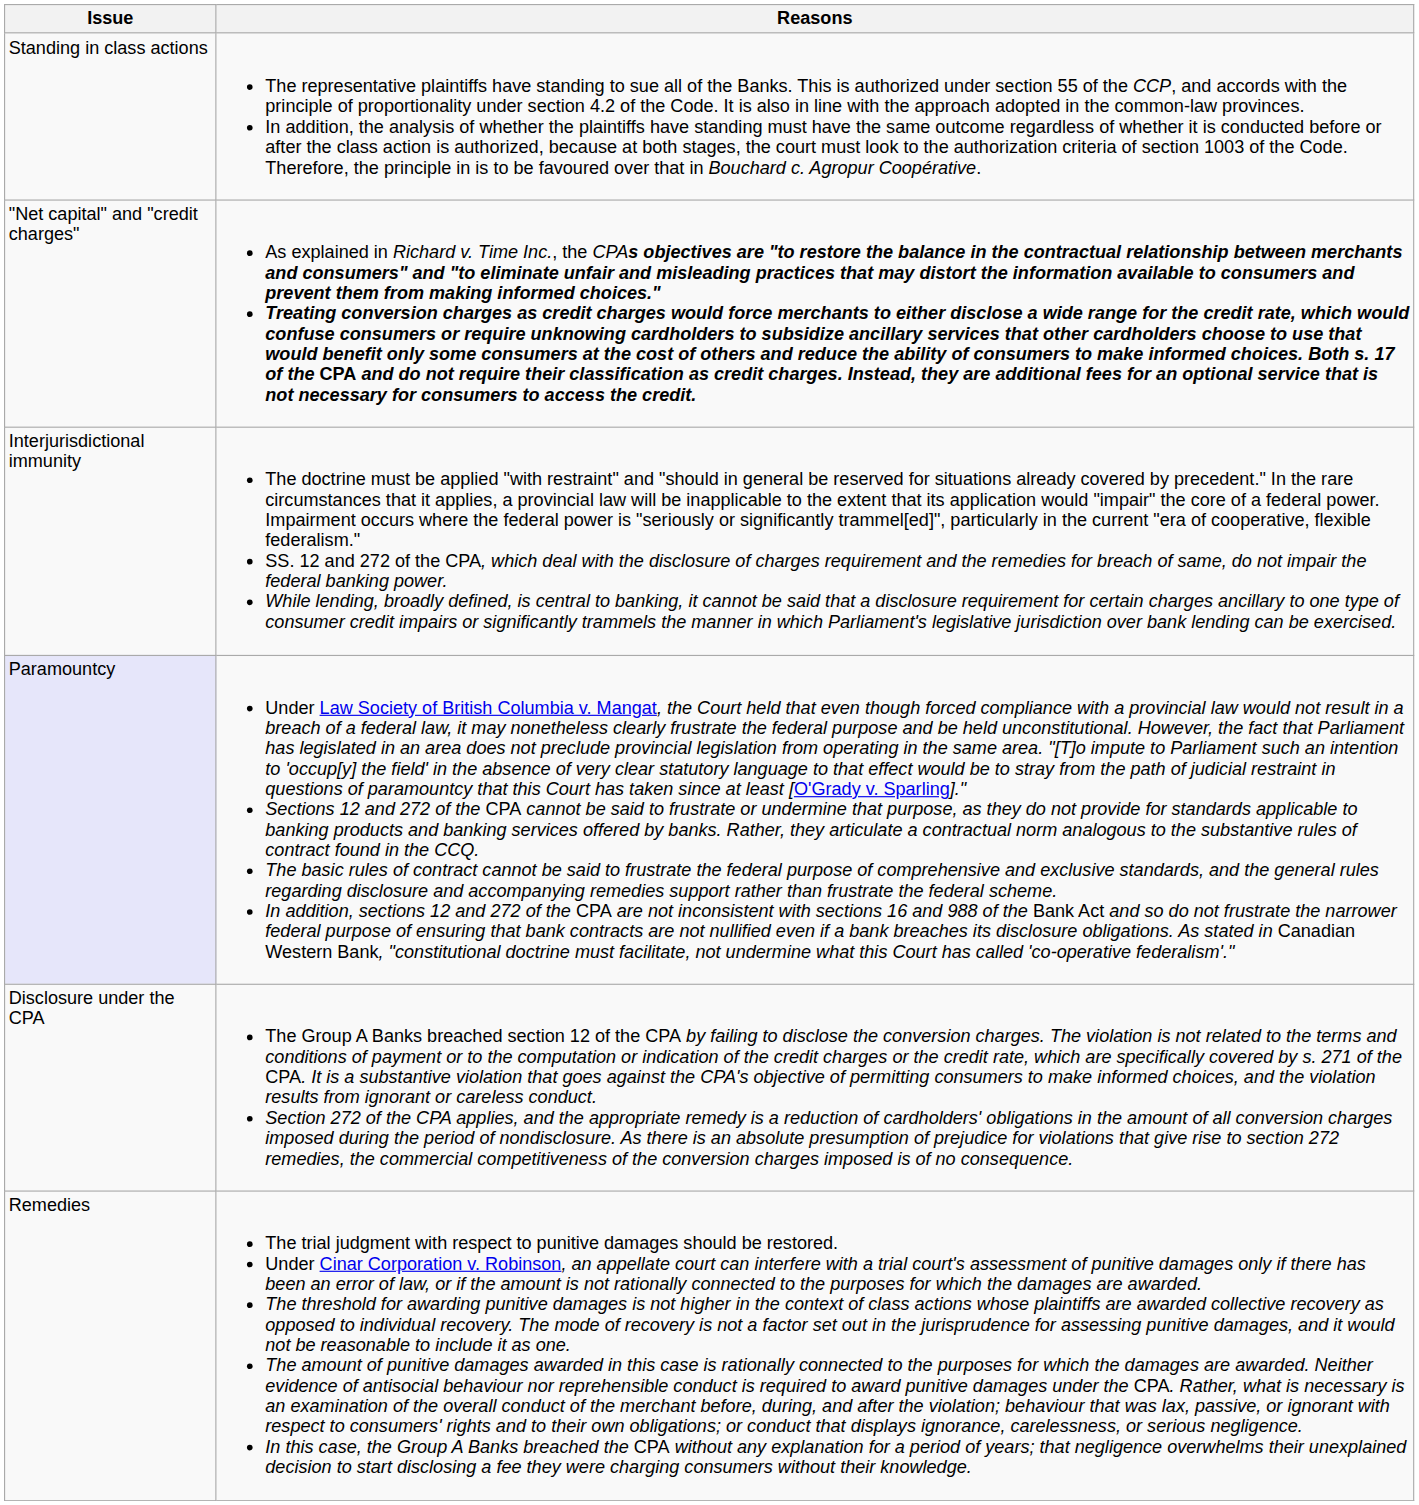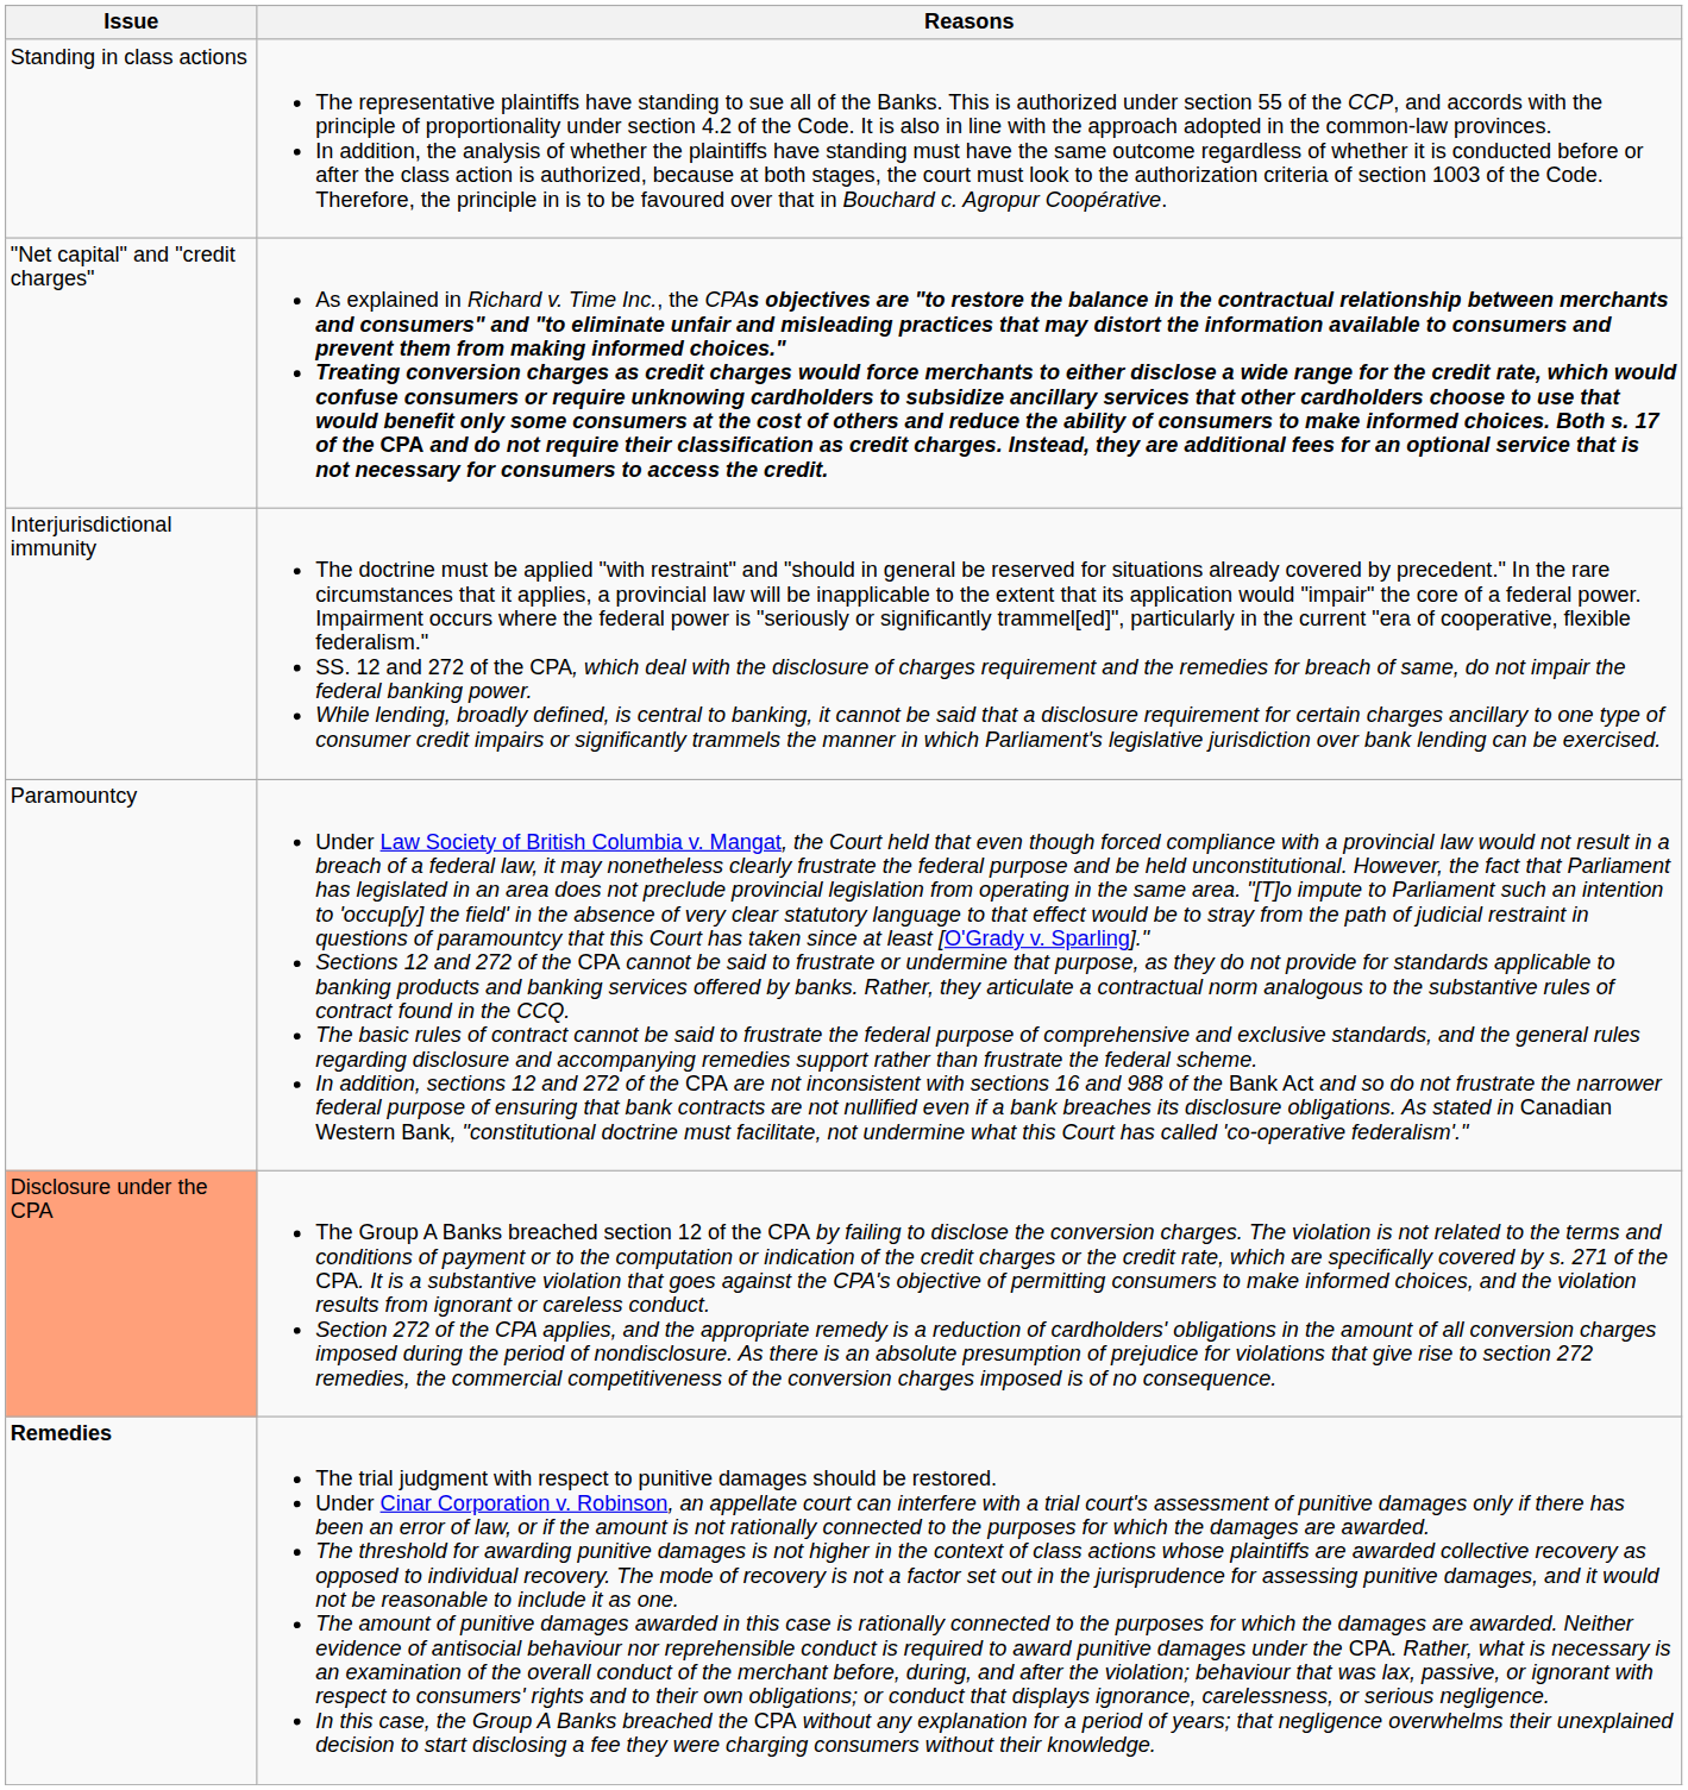 <table class="wikitable">
 <tr>
 <th width=15%>Issue</th>
 <th>Reasons</th>
 </tr>
 <tr valign = "top">
 <td>Standing in class actions</td>
 <td><br><ul><li>The representative plaintiffs have standing to sue all of the Banks. This is authorized under section 55 of the <em>CCP</em>, and accords with the principle of proportionality under section  4.2 of the Code. It is also in line with the approach adopted in the common-law provinces.</li><li>In addition, the analysis of whether the plaintiffs have standing must have the same outcome regardless of whether it is conducted before or after the class action is authorized, because at both stages, the court must look to the authorization criteria of section 1003 of the Code. Therefore, the principle in  is to be favoured over that in <em>Bouchard c. Agropur Coopérative</em>.</li></ul></td>
 </tr>
 <tr valign = "top">
 <td>"Net capital" and "credit charges"</td>
 <td><br><ul><li>As explained in <em>Richard v. Time Inc.</em>, the <em>CPA<strong>s objectives are "to restore the balance in the contractual relationship between merchants and consumers" and "to eliminate unfair and misleading practices that may distort the information available to consumers and prevent them from making informed choices."</li><li>Treating conversion charges as credit charges would force merchants to either disclose a wide range for the credit rate, which would confuse consumers or require unknowing cardholders to subsidize ancillary services that other cardholders choose to use that would benefit only some consumers at the cost of others and reduce the ability of consumers to make informed choices. Both s. 17 of the </em>CPA<em> and  do not require their classification as credit charges. Instead, they are additional fees for an optional service that is not necessary for consumers to access the credit.</li></ul></td>
 </tr>
 <tr valign = "top">
 <td>Interjurisdictional immunity</td>
 <td><br><ul><li>The doctrine must be applied "with restraint" and "should in general be reserved for situations already covered by precedent." In the rare circumstances that it applies, a provincial law will be inapplicable to the extent that its application would "impair" the core of a federal power. Impairment occurs where the federal power is "seriously or significantly trammel[ed]", particularly in the current "era of cooperative, flexible federalism."</li><li>SS. 12 and 272 of the </em>CPA<em>, which deal with the disclosure of charges requirement and the remedies for breach of same, do not impair the federal banking power.</li><li>While lending, broadly defined, is central to banking, it cannot be said that a disclosure requirement for certain charges ancillary to one type of consumer credit impairs or significantly trammels the manner in which Parliament's legislative jurisdiction over bank lending can be exercised.</li></ul></td>
 </tr>
 <tr valign = "top">
-<td style="background: lavender;">Paramountcy</td>
+<td>Paramountcy</td>
 <td><br><ul><li>Under </em><a href='#'>Law Society of British Columbia v. Mangat</a><em>, the Court held that even though forced compliance with a provincial law would not result in a breach of a federal law, it may nonetheless clearly frustrate the federal purpose and be held unconstitutional. However, the fact that Parliament has legislated in an area does not preclude provincial legislation from operating in the same area. "[T]o impute to Parliament such an intention to 'occup[y] the field' in the absence of very clear statutory language to that effect would be to stray from the path of judicial restraint in questions of paramountcy that this Court has taken since at least [</em><a href='#'>O'Grady v. Sparling</a><em>]."</li><li>Sections 12 and 272 of the </em>CPA<em> cannot be said to frustrate or undermine that purpose, as they do not provide for standards applicable to banking products and banking services offered by banks. Rather, they articulate a contractual norm analogous to the substantive rules of contract found in the CCQ.</li><li>The basic rules of contract cannot be said to frustrate the federal purpose of comprehensive and exclusive standards, and the general rules regarding disclosure and accompanying remedies support rather than frustrate the federal scheme.</li><li>In addition, sections 12 and 272 of the </em>CPA<em> are not inconsistent with sections 16 and 988 of the </em>Bank Act<em> and so do not frustrate the narrower federal purpose of ensuring that bank contracts are not nullified even if a bank breaches its disclosure obligations. As stated in </em>Canadian Western Bank<em>, "constitutional doctrine must facilitate, not undermine what this Court has called 'co-operative federalism'."</li></ul></td>
 </tr>
 <tr valign = "top">
-<td>Disclosure under the </em>CPA<em></td>
+<td style="background: lightsalmon;">Disclosure under the </em>CPA<em></td>
 <td><br><ul><li>The Group A Banks breached section 12 of the </em>CPA<em> by failing to disclose the conversion charges. The violation is not related to the terms and conditions of payment or to the computation or indication of the credit charges or the credit rate, which are specifically covered by s. 271 of the </em>CPA<em>. It is a substantive violation that goes against the CPA's objective of permitting consumers to make informed choices, and the violation results from ignorant or careless conduct.</li><li>Section 272 of the CPA applies, and the appropriate remedy is a reduction of cardholders' obligations in the amount of all conversion charges imposed during the period of nondisclosure. As there is an absolute presumption of prejudice for violations that give rise to section 272 remedies, the commercial competitiveness of the conversion charges imposed is of no consequence.</li></ul></td>
 </tr>
 <tr valign = "top">
-<td>Remedies</td>
+<td><strong>Remedies</strong></td>
 <td><br><ul><li>The trial judgment with respect to punitive damages should be restored.</li><li>Under </em><a href='#'>Cinar Corporation v. Robinson</a><em>, an appellate court can interfere with a trial court's assessment of punitive damages only if there has been an error of law, or if the amount is not rationally connected to the purposes for which the damages are awarded.</li><li>The threshold for awarding punitive damages is not higher in the context of class actions whose plaintiffs are awarded collective recovery as opposed to individual recovery. The mode of recovery is not a factor set out in the jurisprudence for assessing punitive damages, and it would not be reasonable to include it as one.</li><li>The amount of punitive damages awarded in this case is rationally connected to the purposes for which the damages are awarded. Neither evidence of antisocial behaviour nor reprehensible conduct is required to award punitive damages under the </em>CPA<em>. Rather, what is necessary is an examination of the overall conduct of the merchant before, during, and after the violation; behaviour that was lax, passive, or ignorant with respect to consumers' rights and to their own obligations; or conduct that displays ignorance, carelessness, or serious negligence.</li><li>In this case, the Group A Banks breached the </em>CPA<em> without any explanation for a period of years; that negligence overwhelms their unexplained decision to start disclosing a fee they were charging consumers without their knowledge.</li></ul></td>
 </tr>
 </table>
